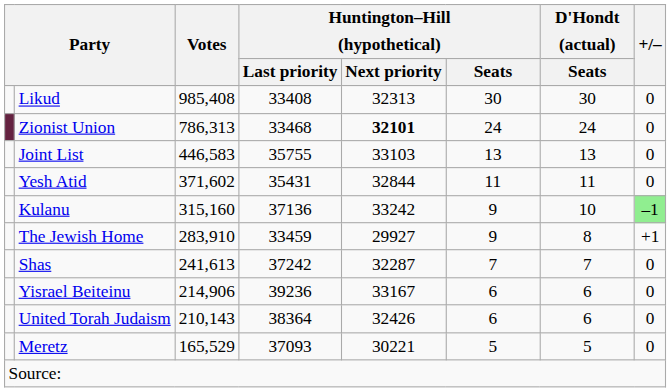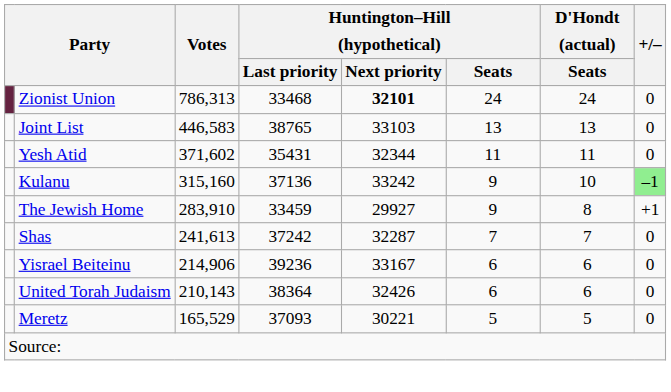 <table class=wikitable style="text-align: center;">
 <tr>
 <th rowspan=3 colspan=2>Party</th>
 <th rowspan=3>Votes</th>
 <th colspan=3 style='border-style: solid solid none   none;'>Huntington–Hill</th>
 <th style='border-style: solid solid none   none;'>D'Hondt</th>
 <th rowspan=3>+/–</th>
 </tr>
 <tr>
 <th colspan=3 style='border-style: none  none  solid  solid;'>(hypothetical)</th>
 <th style='border-style: none  none  solid  solid;'>(actual)</th>
 </tr>
 <tr>
 <th>Last priority</th>
 <th>Next priority</th>
 <th style="width: 5em;">Seats</th>
 <th style="width: 5em;">Seats</th>
 </tr>
 <tr>
-<td width=2px></td>
-<td align=left><a href='#'>Likud</a></td>
-<td>985,408</td>
-<td>33408</td>
-<td>32313</td>
-<td>30</td>
-<td>30</td>
-<td>0</td>
-</tr>
-<tr>
 <td width=2px bgcolor=#642240></td>
 <td align=left><a href='#'>Zionist Union</a></td>
 <td>786,313</td>
 <td>33468</td>
 <td><strong>32101</strong></td>
 <td>24</td>
 <td>24</td>
 <td>0</td>
 </tr>
 <tr>
 <td width=2px></td>
 <td align=left><a href='#'>Joint List</a></td>
 <td>446,583</td>
-<td>35755</td>
+<td>38765</td>
 <td>33103</td>
 <td>13</td>
 <td>13</td>
 <td>0</td>
 </tr>
 <tr>
 <td></td>
 <td align=left><a href='#'>Yesh Atid</a></td>
 <td>371,602</td>
 <td>35431</td>
-<td>32844</td>
+<td>32344</td>
 <td>11</td>
 <td>11</td>
 <td>0</td>
 </tr>
 <tr>
 <td></td>
 <td align=left><a href='#'>Kulanu</a></td>
 <td>315,160</td>
 <td>37136</td>
 <td>33242</td>
 <td>9</td>
 <td>10</td>
 <td style="background: lightgreen;">–1 </td>
 </tr>
 <tr>
 <td></td>
 <td align=left><a href='#'>The Jewish Home</a></td>
 <td>283,910</td>
 <td>33459</td>
 <td>29927</td>
 <td>9</td>
 <td>8</td>
 <td>+1 </td>
 </tr>
 <tr>
 <td></td>
 <td align=left><a href='#'>Shas</a></td>
 <td>241,613</td>
 <td>37242</td>
 <td>32287</td>
 <td>7</td>
 <td>7</td>
 <td>0</td>
 </tr>
 <tr>
 <td></td>
 <td align=left><a href='#'>Yisrael Beiteinu</a></td>
 <td>214,906</td>
 <td>39236</td>
 <td>33167</td>
 <td>6</td>
 <td>6</td>
 <td>0</td>
 </tr>
 <tr>
 <td></td>
 <td align=left><a href='#'>United Torah Judaism</a></td>
 <td>210,143</td>
 <td>38364</td>
 <td>32426</td>
 <td>6</td>
 <td>6</td>
 <td>0</td>
 </tr>
 <tr>
 <td></td>
 <td align=left><a href='#'>Meretz</a></td>
 <td>165,529</td>
 <td>37093</td>
 <td>30221</td>
 <td>5</td>
 <td>5</td>
 <td>0</td>
 </tr>
 <tr>
 <td style="text-align:left;" colspan="8">Source: </td>
 </tr>
 </table>
